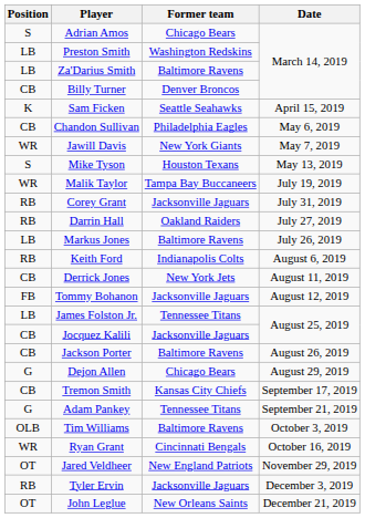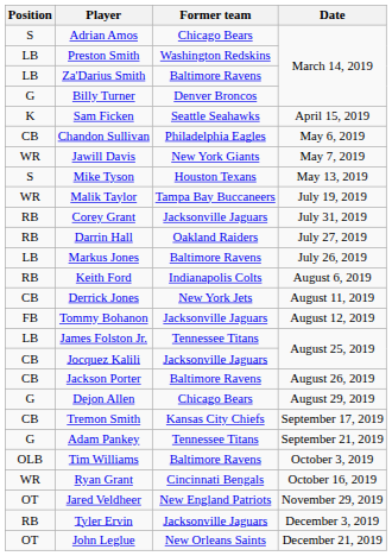 <table class="wikitable" style="text-align:center">
 <tr>
 <th>Position</th>
 <th>Player</th>
 <th>Former team</th>
 <th>Date</th>
 </tr>
 <tr>
 <td>S</td>
 <td><a href='#'>Adrian Amos</a></td>
 <td><a href='#'>Chicago Bears</a></td>
 <td rowspan="4">March 14, 2019</td>
 </tr>
 <tr>
 <td>LB</td>
 <td><a href='#'>Preston Smith</a></td>
 <td><a href='#'>Washington Redskins</a></td>
 </tr>
 <tr>
 <td>LB</td>
 <td><a href='#'>Za'Darius Smith</a></td>
 <td><a href='#'>Baltimore Ravens</a></td>
 </tr>
 <tr>
-<td>CB</td>
+<td>G</td>
 <td><a href='#'>Billy Turner</a></td>
 <td><a href='#'>Denver Broncos</a></td>
 </tr>
 <tr>
 <td>K</td>
 <td><a href='#'>Sam Ficken</a></td>
 <td><a href='#'>Seattle Seahawks</a></td>
 <td>April 15, 2019</td>
 </tr>
 <tr>
 <td>CB</td>
 <td><a href='#'>Chandon Sullivan</a></td>
 <td><a href='#'>Philadelphia Eagles</a></td>
 <td>May 6, 2019</td>
 </tr>
 <tr>
 <td>WR</td>
 <td><a href='#'>Jawill Davis</a></td>
 <td><a href='#'>New York Giants</a></td>
 <td>May 7, 2019</td>
 </tr>
 <tr>
 <td>S</td>
 <td><a href='#'>Mike Tyson</a></td>
 <td><a href='#'>Houston Texans</a></td>
 <td>May 13, 2019</td>
 </tr>
 <tr>
 <td>WR</td>
 <td><a href='#'>Malik Taylor</a></td>
 <td><a href='#'>Tampa Bay Buccaneers</a></td>
 <td>July 19, 2019</td>
 </tr>
 <tr>
 <td>RB</td>
 <td><a href='#'>Corey Grant</a></td>
 <td><a href='#'>Jacksonville Jaguars</a></td>
 <td>July 31, 2019</td>
 </tr>
 <tr>
 <td>RB</td>
 <td><a href='#'>Darrin Hall</a></td>
 <td><a href='#'>Oakland Raiders</a></td>
 <td>July 27, 2019</td>
 </tr>
 <tr>
 <td>LB</td>
 <td><a href='#'>Markus Jones</a></td>
 <td><a href='#'>Baltimore Ravens</a></td>
 <td>July 26, 2019</td>
 </tr>
 <tr>
 <td>RB</td>
 <td><a href='#'>Keith Ford</a></td>
 <td><a href='#'>Indianapolis Colts</a></td>
 <td>August 6, 2019</td>
 </tr>
 <tr>
 <td>CB</td>
 <td><a href='#'>Derrick Jones</a></td>
 <td><a href='#'>New York Jets</a></td>
 <td>August 11, 2019</td>
 </tr>
 <tr>
 <td>FB</td>
 <td><a href='#'>Tommy Bohanon</a></td>
 <td><a href='#'>Jacksonville Jaguars</a></td>
 <td>August 12, 2019</td>
 </tr>
 <tr>
 <td>LB</td>
 <td><a href='#'>James Folston Jr.</a></td>
 <td><a href='#'>Tennessee Titans</a></td>
 <td rowspan="2">August 25, 2019</td>
 </tr>
 <tr>
 <td>CB</td>
 <td><a href='#'>Jocquez Kalili</a></td>
 <td><a href='#'>Jacksonville Jaguars</a></td>
 </tr>
 <tr>
 <td>CB</td>
 <td><a href='#'>Jackson Porter</a></td>
 <td><a href='#'>Baltimore Ravens</a></td>
 <td>August 26, 2019</td>
 </tr>
 <tr>
 <td>G</td>
 <td><a href='#'>Dejon Allen</a></td>
 <td><a href='#'>Chicago Bears</a></td>
 <td>August 29, 2019</td>
 </tr>
 <tr>
 <td>CB</td>
 <td><a href='#'>Tremon Smith</a></td>
 <td><a href='#'>Kansas City Chiefs</a></td>
 <td>September 17, 2019</td>
 </tr>
 <tr>
 <td>G</td>
 <td><a href='#'>Adam Pankey</a></td>
 <td><a href='#'>Tennessee Titans</a></td>
 <td>September 21, 2019</td>
 </tr>
 <tr>
 <td>OLB</td>
 <td><a href='#'>Tim Williams</a></td>
 <td><a href='#'>Baltimore Ravens</a></td>
 <td>October 3, 2019</td>
 </tr>
 <tr>
 <td>WR</td>
 <td><a href='#'>Ryan Grant</a></td>
 <td><a href='#'>Cincinnati Bengals</a></td>
 <td>October 16, 2019</td>
 </tr>
 <tr>
 <td>OT</td>
 <td><a href='#'>Jared Veldheer</a></td>
 <td><a href='#'>New England Patriots</a></td>
 <td>November 29, 2019</td>
 </tr>
 <tr>
 <td>RB</td>
 <td><a href='#'>Tyler Ervin</a></td>
 <td><a href='#'>Jacksonville Jaguars</a></td>
 <td>December 3, 2019</td>
 </tr>
 <tr>
 <td>OT</td>
 <td><a href='#'>John Leglue</a></td>
 <td><a href='#'>New Orleans Saints</a></td>
 <td>December 21, 2019</td>
 </tr>
 </table>
